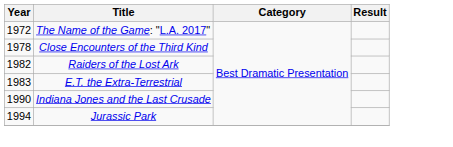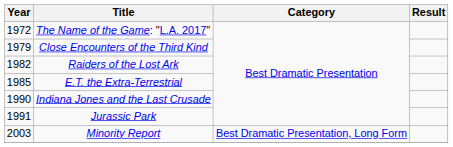 <table class="wikitable">
 <tr>
 <th>Year</th>
 <th>Title</th>
 <th>Category</th>
 <th>Result</th>
 </tr>
 <tr>
 <td style="text-align:center;">1972</td>
 <td style="text-aligh:center;"><em><a href='#'>The Name of the Game</a></em>: "<a href='#'>L.A. 2017</a>"</td>
 <td style="text-align:center;"  rowspan="6"><a href='#'>Best Dramatic Presentation</a></td>
 <td></td>
 </tr>
 <tr>
-<td style="text-align:center;">1978</td>
+<td style="text-align:center;">1979</td>
 <td style="text-align:center;"><em><a href='#'>Close Encounters of the Third Kind</a></em></td>
 <td></td>
 </tr>
 <tr>
 <td style="text-align:center;">1982</td>
 <td style="text-align:center;"><em><a href='#'>Raiders of the Lost Ark</a></em></td>
 <td></td>
 </tr>
 <tr>
-<td style="text-align:center;">1983</td>
+<td style="text-align:center;">1985</td>
 <td style="text-align:center;"><em><a href='#'>E.T. the Extra-Terrestrial</a></em></td>
 <td></td>
 </tr>
 <tr>
 <td style="text-align:center;">1990</td>
 <td style="text-align:center;"><em><a href='#'>Indiana Jones and the Last Crusade</a></em></td>
 <td></td>
 </tr>
 <tr>
-<td style="text-align:center;">1994</td>
+<td style="text-align:center;">1991</td>
 <td style="text-align:center;"><a href='#'><em>Jurassic Park</em></a></td>
+<td></td>
+</tr>
+<tr>
+<td style="text-align:center;">2003</td>
+<td style="text-align:center;"><a href='#'><em>Minority Report</em></a></td>
+<td style="text-align:center;"><a href='#'>Best Dramatic Presentation, Long Form</a></td>
 <td></td>
 </tr>
 <tr>
 </tr>
 </table>
